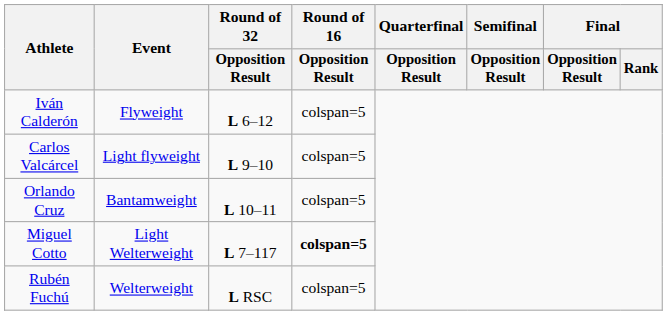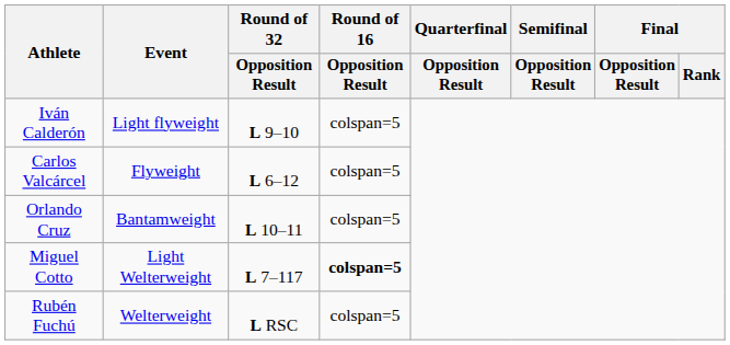 <table class=wikitable style=font-size:90%;text-align:center>
 <tr>
 <th rowspan=2>Athlete</th>
 <th rowspan=2>Event</th>
 <th>Round of 32</th>
 <th>Round of 16</th>
 <th>Quarterfinal</th>
 <th>Semifinal</th>
 <th colspan=2>Final</th>
 </tr>
 <tr style=font-size:95%>
 <th>Opposition<br>Result</th>
 <th>Opposition<br>Result</th>
 <th>Opposition<br>Result</th>
 <th>Opposition<br>Result</th>
 <th>Opposition<br>Result</th>
 <th>Rank</th>
 </tr>
 <tr>
 <td><a href='#'>Iván Calderón</a></td>
-<td><a href='#'>Flyweight</a></td>
-<td><br><strong>L</strong> 6–12</td>
+<td><a href='#'>Light flyweight</a></td>
+<td><br><strong>L</strong> 9–10</td>
 <td>colspan=5 </td>
 </tr>
 <tr>
 <td><a href='#'>Carlos Valcárcel</a></td>
-<td><a href='#'>Light flyweight</a></td>
-<td><br><strong>L</strong> 9–10</td>
+<td><a href='#'>Flyweight</a></td>
+<td><br><strong>L</strong> 6–12</td>
 <td>colspan=5 </td>
 </tr>
 <tr>
 <td><a href='#'>Orlando Cruz</a></td>
 <td><a href='#'>Bantamweight</a></td>
 <td><br><strong>L</strong> 10–11</td>
 <td>colspan=5 </td>
 </tr>
 <tr>
 <td><a href='#'>Miguel Cotto</a></td>
 <td><a href='#'>Light Welterweight</a></td>
 <td><br><strong>L</strong> 7–117</td>
 <td><strong>colspan=5 </strong></td>
 </tr>
 <tr>
 <td><a href='#'>Rubén Fuchú</a></td>
 <td><a href='#'>Welterweight</a></td>
 <td><br><strong>L</strong> RSC</td>
 <td>colspan=5 </td>
 </tr>
 </table>
